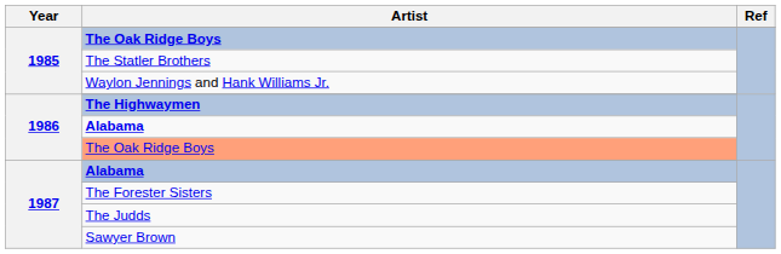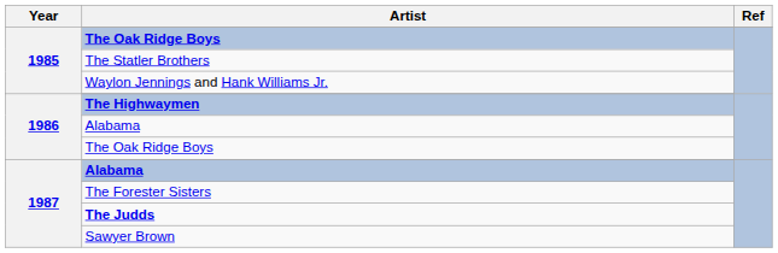 <table class="wikitable" width="100%">
 <tr>
 <th width="10%">Year</th>
 <th width="85%">Artist</th>
 <th width="5%">Ref</th>
 </tr>
 <tr>
 <th rowspan="4" align="center"><a href='#'>1985<br></a></th>
 </tr>
 <tr style="background:#B0C4DE">
 <td><strong><a href='#'>The Oak Ridge Boys</a></strong></td>
 <td rowspan="4" align="center"></td>
 </tr>
 <tr>
 <td><a href='#'>The Statler Brothers</a></td>
 </tr>
 <tr>
 <td><a href='#'>Waylon Jennings</a> and <a href='#'>Hank Williams Jr.</a></td>
 </tr>
 <tr>
 <th rowspan="4" align="center"><a href='#'>1986<br></a></th>
 </tr>
 <tr style="background:#B0C4DE">
 <td><strong><a href='#'>The Highwaymen</a></strong></td>
 <td rowspan="4" align="center"></td>
 </tr>
 <tr>
-<td><strong><a href='#'>Alabama</a></strong></td>
+<td><a href='#'>Alabama</a></td>
 </tr>
 <tr>
-<td style="background: lightsalmon;"><a href='#'>The Oak Ridge Boys</a></td>
+<td><a href='#'>The Oak Ridge Boys</a></td>
 </tr>
 <tr>
 <th rowspan="5" align="center"><a href='#'>1987<br></a></th>
 </tr>
 <tr style="background:#B0C4DE">
 <td><strong><a href='#'>Alabama</a></strong></td>
 <td rowspan="5" align="center"></td>
 </tr>
 <tr>
 <td><a href='#'>The Forester Sisters</a></td>
 </tr>
 <tr>
-<td><a href='#'>The Judds</a></td>
+<td><strong><a href='#'>The Judds</a></strong></td>
 </tr>
 <tr>
 <td><a href='#'>Sawyer Brown</a></td>
 </tr>
 </table>
